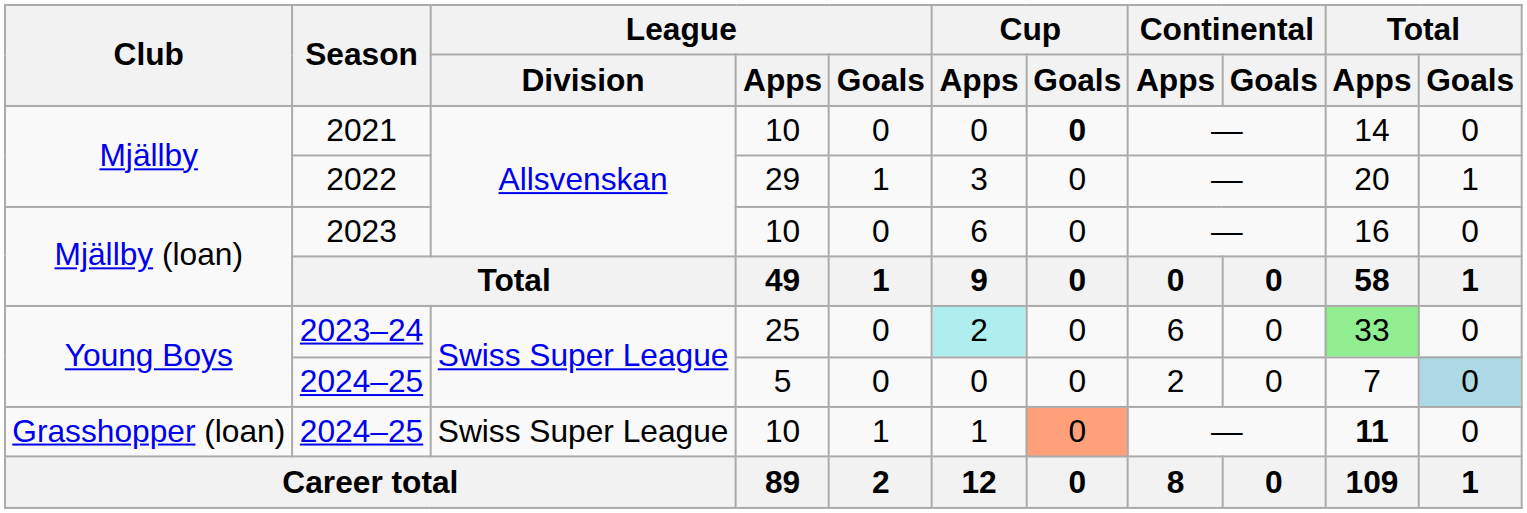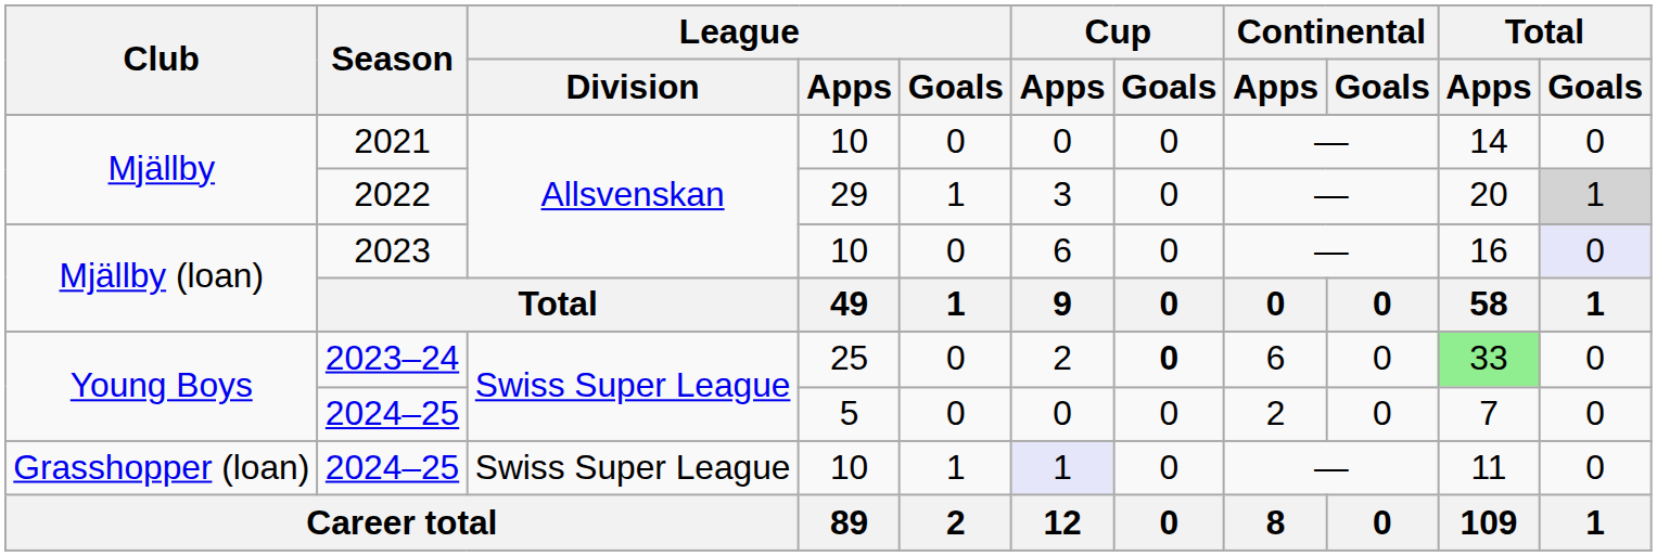 <table class="wikitable" style="text-align:center">
 <tr>
 <th rowspan="2">Club</th>
 <th rowspan="2">Season</th>
 <th colspan="3">League</th>
 <th colspan="2">Cup</th>
 <th colspan="2">Continental</th>
 <th colspan="2">Total</th>
 </tr>
 <tr>
 <th>Division</th>
 <th>Apps</th>
 <th>Goals</th>
 <th>Apps</th>
 <th>Goals</th>
 <th>Apps</th>
 <th>Goals</th>
 <th>Apps</th>
 <th>Goals</th>
 </tr>
 <tr>
 <td rowspan=2><a href='#'>Mjällby</a></td>
 <td>2021</td>
 <td rowspan=3><a href='#'>Allsvenskan</a></td>
 <td>10</td>
 <td>0</td>
 <td>0</td>
-<td><strong>0</strong></td>
+<td>0</td>
 <td colspan="2">—</td>
 <td>14</td>
 <td>0</td>
 </tr>
 <tr>
 <td>2022</td>
 <td>29</td>
 <td>1</td>
 <td>3</td>
 <td>0</td>
 <td colspan="2">—</td>
 <td>20</td>
-<td>1</td>
+<td style="background: lightgrey;">1</td>
 </tr>
 <tr>
 <td rowspan=2><a href='#'>Mjällby</a> (loan)</td>
 <td>2023</td>
 <td>10</td>
 <td>0</td>
 <td>6</td>
 <td>0</td>
 <td colspan="2">—</td>
 <td>16</td>
-<td>0</td>
+<td style="background: lavender;">0</td>
 </tr>
 <tr>
 <th colspan="2">Total</th>
 <th>49</th>
 <th>1</th>
 <th>9</th>
 <th>0</th>
 <th>0</th>
 <th>0</th>
 <th>58</th>
 <th>1</th>
 </tr>
 <tr>
 <td rowspan=2><a href='#'>Young Boys</a></td>
 <td><a href='#'>2023–24</a></td>
 <td rowspan=2><a href='#'>Swiss Super League</a></td>
 <td>25</td>
 <td>0</td>
-<td style="background: paleturquoise;">2</td>
-<td>0</td>
+<td>2</td>
+<td><strong>0</strong></td>
 <td>6</td>
 <td>0</td>
 <td style="background: lightgreen;">33</td>
 <td>0</td>
 </tr>
 <tr>
 <td><a href='#'>2024–25</a></td>
 <td>5</td>
 <td>0</td>
 <td>0</td>
 <td>0</td>
 <td>2</td>
 <td>0</td>
 <td>7</td>
-<td style="background: lightblue;">0</td>
+<td>0</td>
 </tr>
 <tr>
 <td><a href='#'>Grasshopper</a> (loan)</td>
 <td><a href='#'>2024–25</a></td>
 <td>Swiss Super League</td>
 <td>10</td>
 <td>1</td>
-<td>1</td>
-<td style="background: lightsalmon;">0</td>
+<td style="background: lavender;">1</td>
+<td>0</td>
 <td colspan=2>—</td>
-<td><strong>11</strong></td>
+<td>11</td>
 <td>0</td>
 </tr>
 <tr>
 <th colspan="3">Career total</th>
 <th>89</th>
 <th>2</th>
 <th>12</th>
 <th>0</th>
 <th>8</th>
 <th>0</th>
 <th>109</th>
 <th>1</th>
 </tr>
 </table>
